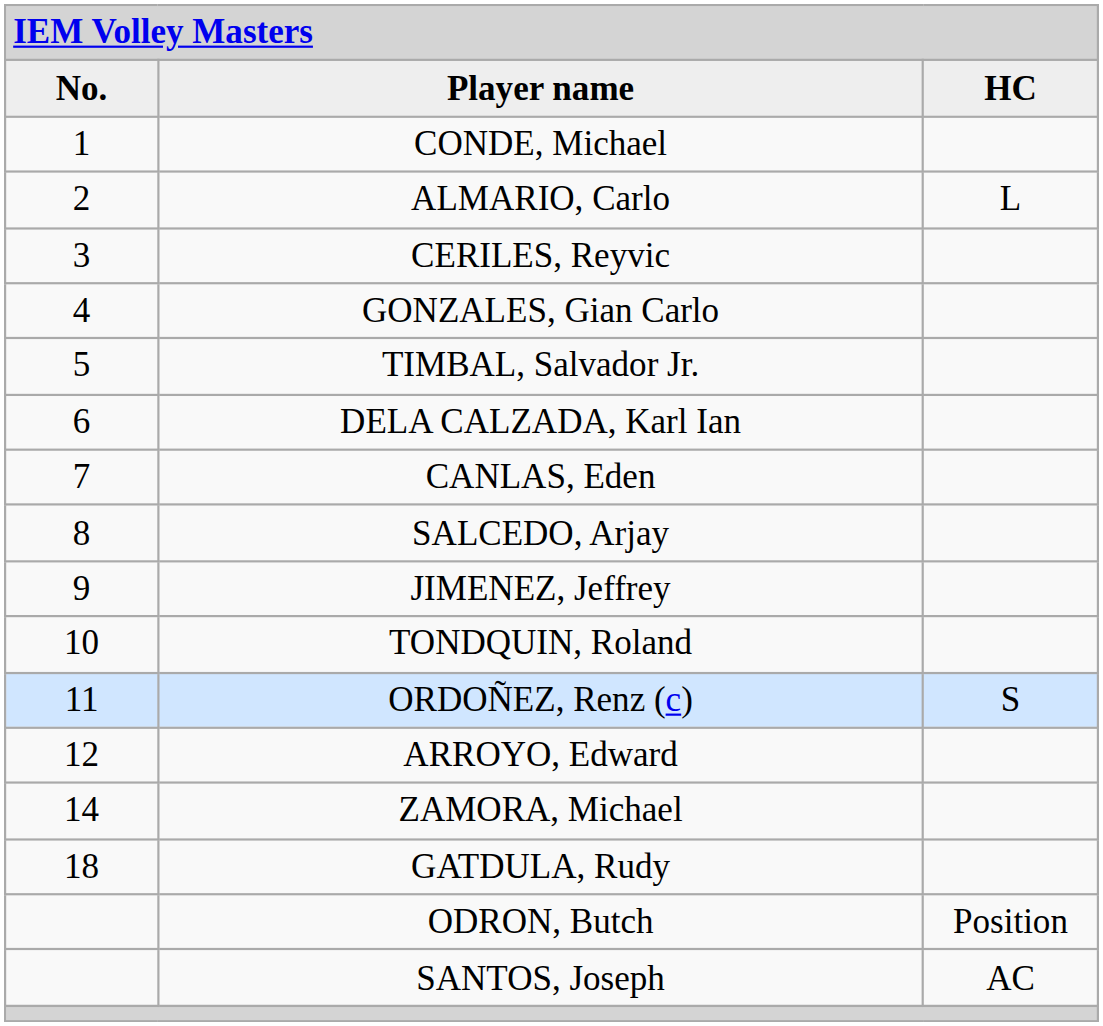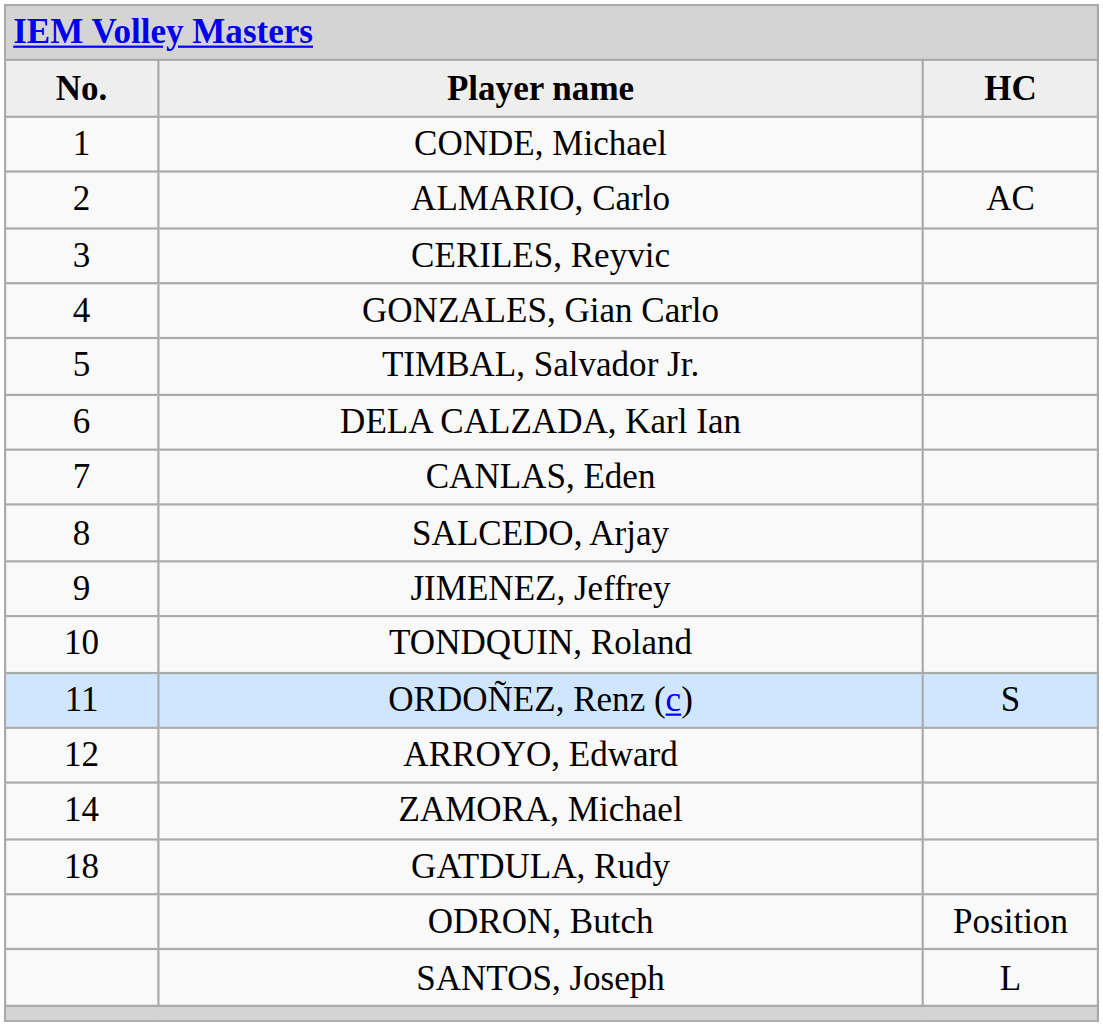 <table class='wikitable mw-collapsible mw-collapsed' style='text-align: center; width: 500px; border: none;'>
 <tr>
 <th style="background:#D4D4D4; text-align:left;" colspan=3><a href='#'>IEM Volley Masters</a></th>
 </tr>
 <tr style="background:#EEEEEE; font-weight:bold;">
 <td width=10%>No.</td>
 <td width=50%>Player name</td>
 <td align=center>HC</td>
 </tr>
 <tr>
 <td align=center>1</td>
 <td>CONDE, Michael</td>
 <td align=center></td>
 </tr>
 <tr>
 <td align=center>2</td>
 <td>ALMARIO, Carlo</td>
-<td align=center>L</td>
+<td align=center>AC</td>
 </tr>
 <tr>
 <td align=center>3</td>
 <td>CERILES, Reyvic</td>
 <td align=center></td>
 </tr>
 <tr>
 <td align=center>4</td>
 <td>GONZALES, Gian Carlo</td>
 <td align=center></td>
 </tr>
 <tr>
 <td align=center>5</td>
 <td>TIMBAL, Salvador Jr.</td>
 <td align=center></td>
 </tr>
 <tr>
 <td align=center>6</td>
 <td>DELA CALZADA, Karl Ian</td>
 <td align=center></td>
 </tr>
 <tr>
 <td align=center>7</td>
 <td>CANLAS, Eden</td>
 <td align=center></td>
 </tr>
 <tr>
 <td align=center>8</td>
 <td>SALCEDO, Arjay</td>
 <td align=center></td>
 </tr>
 <tr>
 <td align=center>9</td>
 <td>JIMENEZ, Jeffrey</td>
 <td align=center></td>
 </tr>
 <tr>
 <td align=center>10</td>
 <td>TONDQUIN, Roland</td>
 <td align=center></td>
 </tr>
 <tr style="background:#D0E6FF;">
 <td align=center>11</td>
 <td>ORDOÑEZ, Renz (<a href='#'>c</a>)</td>
 <td align=center>S</td>
 </tr>
 <tr>
 <td align=center>12</td>
 <td>ARROYO, Edward</td>
 <td align=center></td>
 </tr>
 <tr>
 <td align=center>14</td>
 <td>ZAMORA, Michael</td>
 <td align=center></td>
 </tr>
 <tr>
 <td align=center>18</td>
 <td>GATDULA, Rudy</td>
 <td align=center></td>
 </tr>
 <tr>
 <td align=center></td>
 <td>ODRON, Butch</td>
 <td width=10%>Position</td>
 </tr>
 <tr>
 <td align=center></td>
 <td>SANTOS, Joseph</td>
-<td align=center>AC</td>
+<td align=center>L</td>
 </tr>
 <tr>
 <th style="background:#D4D4D4;" colspan=3></th>
 </tr>
 <tr>
 </tr>
 </table>
